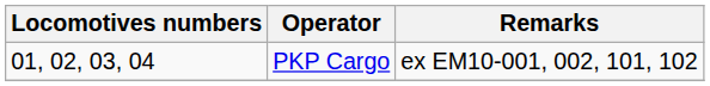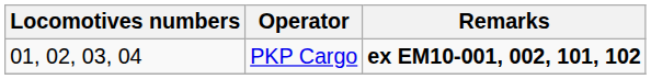 <table class="wikitable">
 <tr>
 <th><strong>Locomotives numbers</strong></th>
 <th><strong>Operator</strong></th>
 <th><strong>Remarks</strong></th>
 </tr>
 <tr>
 <td>01, 02, 03, 04</td>
 <td><a href='#'>PKP Cargo</a></td>
-<td>ex EM10-001, 002, 101, 102</td>
+<td><strong>ex EM10-001, 002, 101, 102</strong></td>
 </tr>
 <tr>
 </tr>
 </table>
